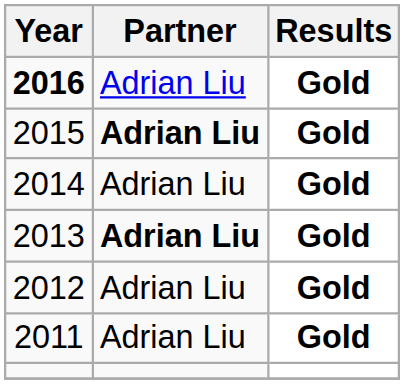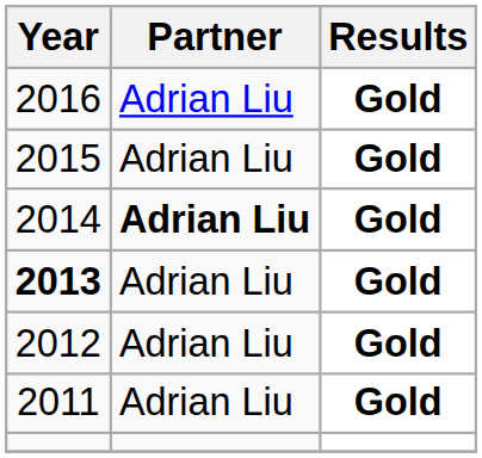 <table class=wikitable style=font-size:90%;>
 <tr>
 <th>Year</th>
 <th>Partner</th>
 <th>Results</th>
 </tr>
 <tr>
-<td align="center"><strong>2016</strong></td>
+<td align="center">2016</td>
 <td align="left"> <a href='#'>Adrian Liu</a></td>
 <td style="text-align:center; background:white"> <strong>Gold</strong></td>
 </tr>
 <tr>
 <td align="center">2015</td>
+<td align="left"> Adrian Liu</td>
+<td style="text-align:center; background:white"> <strong>Gold</strong></td>
+</tr>
+<tr>
+<td align="center">2014</td>
 <td align="left"><strong> Adrian Liu</strong></td>
 <td style="text-align:center; background:white"> <strong>Gold</strong></td>
 </tr>
 <tr>
-<td align="center">2014</td>
+<td align="center"><strong>2013</strong></td>
 <td align="left"> Adrian Liu</td>
-<td style="text-align:center; background:white"> <strong>Gold</strong></td>
-</tr>
-<tr>
-<td align="center">2013</td>
-<td align="left"><strong> Adrian Liu</strong></td>
 <td style="text-align:center; background:white"> <strong>Gold</strong></td>
 </tr>
 <tr>
 <td align="center">2012</td>
 <td align="left"> Adrian Liu</td>
 <td style="text-align:center; background:white"> <strong>Gold</strong></td>
 </tr>
 <tr>
 <td align="center">2011</td>
 <td align="left"> Adrian Liu</td>
 <td style="text-align:center; background:white"> <strong>Gold</strong></td>
 </tr>
 <tr>
 <td align="center"></td>
 <td align="left"></td>
 <td style="text-align:center; background:white"></td>
 </tr>
 <tr>
 </tr>
 </table>
